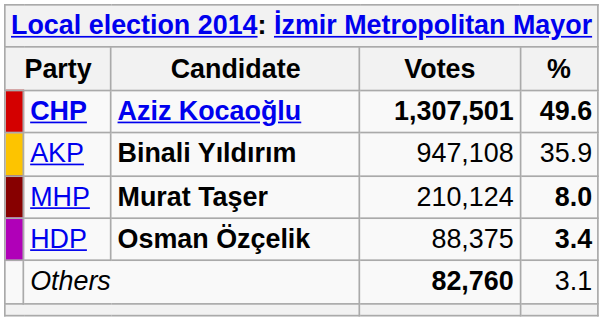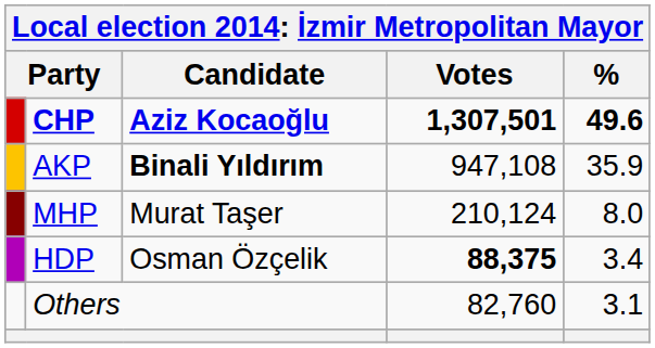 <table class="wikitable floatright" style=text-align:right>
 <tr>
 <th colspan="5"><a href='#'>Local election 2014</a>: <a href='#'>İzmir Metropolitan Mayor</a></th>
 </tr>
 <tr>
 <th colspan="2">Party</th>
 <th>Candidate</th>
 <th>Votes</th>
 <th>%</th>
 </tr>
 <tr>
 <td style="background:#d40000; width:4px; text-align:center;"></td>
 <td align=left><strong><a href='#'>CHP</a></strong></td>
 <td align=left><strong><a href='#'>Aziz Kocaoğlu</a></strong> </td>
 <td><strong>1,307,501</strong></td>
 <td><strong>49.6</strong></td>
 </tr>
 <tr>
 <td style="background:#fdc400; width:4px; text-align:center;"></td>
 <td align=left><a href='#'>AKP</a></td>
 <td align=left><strong>Binali Yıldırım</strong></td>
 <td>947,108</td>
 <td>35.9</td>
 </tr>
 <tr>
 <td style="background:#870000; width:4px; text-align:center;"></td>
 <td align=left><a href='#'>MHP</a></td>
-<td align=left><strong>Murat Taşer</strong></td>
+<td align=left>Murat Taşer</td>
 <td>210,124</td>
-<td><strong>8.0</strong></td>
+<td>8.0</td>
 </tr>
 <tr>
 <td style="background:#B000B8; width:4px; text-align:center;"></td>
 <td align=left><a href='#'>HDP</a></td>
-<td align=left><strong>Osman Özçelik</strong></td>
-<td>88,375</td>
-<td><strong>3.4</strong></td>
+<td align=left>Osman Özçelik</td>
+<td><strong>88,375</strong></td>
+<td>3.4</td>
 </tr>
 <tr>
 <td style="background:#"></td>
 <td style="text-align:left;" colspan="2"><em>Others</em></td>
-<td><strong>82,760</strong></td>
+<td>82,760</td>
 <td>3.1</td>
 </tr>
 <tr>
 <th colspan="3"></th>
 <th></th>
 <th></th>
 </tr>
 </table>
